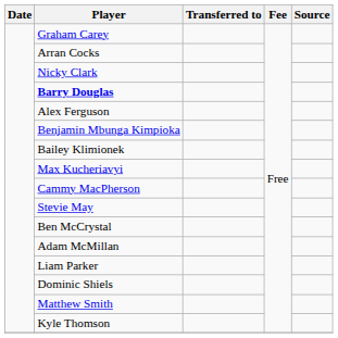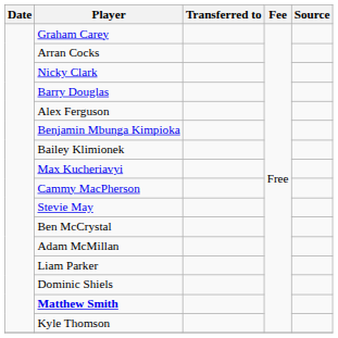 <table class="wikitable plainrowheaders sortable">
 <tr>
 <th scope=col>Date</th>
 <th scope=col>Player</th>
 <th scope=col>Transferred to</th>
 <th scope=col>Fee</th>
 <th scope=col>Source</th>
 </tr>
 <tr>
 <td rowspan=16></td>
 <td> <a href='#'>Graham Carey</a></td>
 <td></td>
 <td rowspan=16>Free</td>
 <td></td>
 </tr>
 <tr>
 <td> Arran Cocks</td>
 <td></td>
 <td></td>
 </tr>
 <tr>
 <td> <a href='#'>Nicky Clark</a></td>
 <td></td>
 <td></td>
 </tr>
 <tr>
-<td><strong> <a href='#'>Barry Douglas</a></strong></td>
+<td> <a href='#'>Barry Douglas</a></td>
 <td></td>
 <td></td>
 </tr>
 <tr>
 <td> Alex Ferguson</td>
 <td></td>
 <td></td>
 </tr>
 <tr>
 <td> <a href='#'>Benjamin Mbunga Kimpioka</a></td>
 <td></td>
 <td></td>
 </tr>
 <tr>
 <td> Bailey Klimionek</td>
 <td></td>
 <td></td>
 </tr>
 <tr>
 <td> <a href='#'>Max Kucheriavyi</a></td>
 <td></td>
 <td></td>
 </tr>
 <tr>
 <td> <a href='#'>Cammy MacPherson</a></td>
 <td></td>
 <td></td>
 </tr>
 <tr>
 <td> <a href='#'>Stevie May</a></td>
 <td></td>
 <td></td>
 </tr>
 <tr>
 <td> Ben McCrystal</td>
 <td></td>
 <td></td>
 </tr>
 <tr>
 <td> Adam McMillan</td>
 <td></td>
 <td></td>
 </tr>
 <tr>
 <td> Liam Parker</td>
 <td></td>
 <td></td>
 </tr>
 <tr>
 <td> Dominic Shiels</td>
 <td></td>
 <td></td>
 </tr>
 <tr>
-<td> <a href='#'>Matthew Smith</a></td>
+<td><strong> <a href='#'>Matthew Smith</a></strong></td>
 <td></td>
 <td></td>
 </tr>
 <tr>
 <td> Kyle Thomson</td>
 <td></td>
 <td></td>
 </tr>
 <tr>
 </tr>
 </table>
